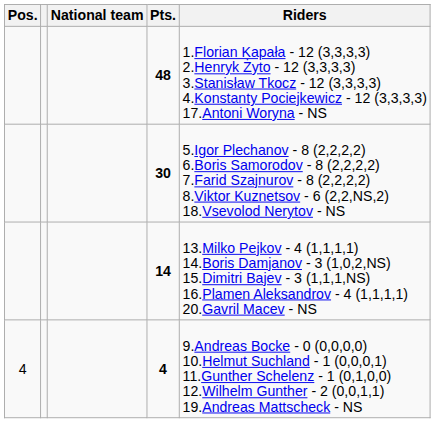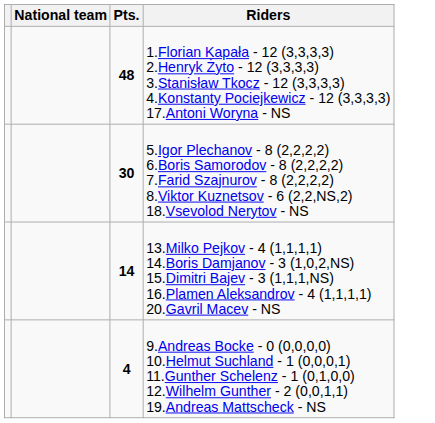 <table class=wikitable style="font-size:93%;">
 <tr>
-<th>Pos.</th>
 <th></th>
 <th>National team</th>
 <th>Pts.</th>
 <th>Riders</th>
 </tr>
 <tr align=center >
 <td></td>
-<td></td>
 <td align=left></td>
 <td><strong>48</strong></td>
 <td align=left><br>1.<a href='#'>Florian Kapała</a> - 12 (3,3,3,3)<br> 2.<a href='#'>Henryk Żyto</a> - 12 (3,3,3,3)<br> 3.<a href='#'>Stanisław Tkocz</a> - 12 (3,3,3,3)<br> 4.<a href='#'>Konstanty Pociejkewicz</a> - 12 (3,3,3,3)<br> 17.<a href='#'>Antoni Woryna</a> - NS</td>
 </tr>
 <tr align=center >
-<td></td>
 <td></td>
 <td align=left></td>
 <td><strong>30</strong></td>
 <td align=left><br>5.<a href='#'>Igor Plechanov</a> - 8 (2,2,2,2)<br> 6.<a href='#'>Boris Samorodov</a> - 8 (2,2,2,2)<br> 7.<a href='#'>Farid Szajnurov</a> - 8 (2,2,2,2)<br> 8.<a href='#'>Viktor Kuznetsov</a> - 6 (2,2,NS,2)<br> 18.<a href='#'>Vsevolod Nerytov</a> - NS</td>
 </tr>
 <tr align=center >
 <td></td>
-<td></td>
 <td align=left></td>
 <td><strong>14</strong></td>
 <td align=left><br>13.<a href='#'>Milko Pejkov</a> - 4 (1,1,1,1)<br> 14.<a href='#'>Boris Damjanov</a> - 3 (1,0,2,NS)<br> 15.<a href='#'>Dimitri Bajev</a> - 3 (1,1,1,NS)<br> 16.<a href='#'>Plamen Aleksandrov</a> - 4 (1,1,1,1)<br> 20.<a href='#'>Gavril Macev</a> - NS</td>
 </tr>
 <tr align=center>
-<td>4</td>
 <td></td>
 <td align=left></td>
 <td><strong>4</strong></td>
 <td align=left><br>9.<a href='#'>Andreas Bocke</a> - 0 (0,0,0,0)<br> 10.<a href='#'>Helmut Suchland</a> - 1 (0,0,0,1)<br> 11.<a href='#'>Gunther Schelenz</a> - 1 (0,1,0,0)<br> 12.<a href='#'>Wilhelm Gunther</a> - 2 (0,0,1,1)<br> 19.<a href='#'>Andreas Mattscheck</a> - NS</td>
 </tr>
 </table>
